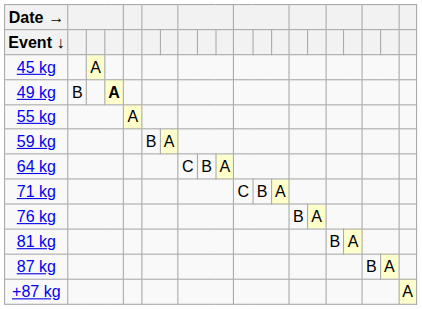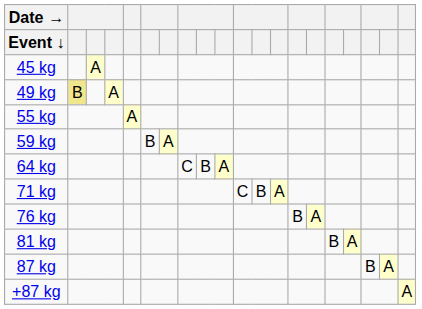 <table class="wikitable" style="text-align:center; font-size:92%">
 <tr>
 <th>Date →</th>
 <th colspan=3></th>
 <th></th>
 <th colspan=2></th>
 <th colspan=3></th>
 <th colspan=3></th>
 <th colspan=2></th>
 <th colspan=2></th>
 <th colspan=2></th>
 <th></th>
 </tr>
 <tr>
 <th>Event ↓</th>
 <th></th>
 <th></th>
 <th></th>
 <th></th>
 <th></th>
 <th></th>
 <th></th>
 <th></th>
 <th></th>
 <th></th>
 <th></th>
 <th></th>
 <th></th>
 <th></th>
 <th></th>
 <th></th>
 <th></th>
 <th></th>
 <th></th>
 </tr>
 <tr>
 <td><a href='#'>45 kg</a></td>
 <td></td>
 <td style="background-color:#ffffcc;">A</td>
 <td></td>
 <td></td>
 <td colspan=2></td>
 <td colspan=3></td>
 <td colspan=3></td>
 <td colspan=2></td>
 <td colspan=2></td>
 <td colspan=2></td>
 <td></td>
 </tr>
 <tr>
 <td><a href='#'>49 kg</a></td>
-<td>B</td>
+<td style="background: khaki;">B</td>
 <td></td>
-<td style="background-color:#ffffcc;"><strong>A</strong></td>
+<td style="background-color:#ffffcc;">A</td>
 <td></td>
 <td colspan=2></td>
 <td colspan=3></td>
 <td colspan=3></td>
 <td colspan=2></td>
 <td colspan=2></td>
 <td colspan=2></td>
 <td></td>
 </tr>
 <tr>
 <td><a href='#'>55 kg</a></td>
 <td colspan=3></td>
 <td style="background-color:#ffffcc;">A</td>
 <td colspan=2></td>
 <td colspan=3></td>
 <td colspan=3></td>
 <td colspan=2></td>
 <td colspan=2></td>
 <td colspan=2></td>
 <td></td>
 </tr>
 <tr>
 <td><a href='#'>59 kg</a></td>
 <td colspan=3></td>
 <td></td>
 <td>B</td>
 <td style="background-color:#ffffcc;">A</td>
 <td colspan=3></td>
 <td colspan=3></td>
 <td colspan=2></td>
 <td colspan=2></td>
 <td colspan=2></td>
 <td></td>
 </tr>
 <tr>
 <td><a href='#'>64 kg</a></td>
 <td colspan=3></td>
 <td></td>
 <td colspan=2></td>
 <td>C</td>
 <td>B</td>
 <td style="background-color:#ffffcc;">A</td>
 <td colspan=3></td>
 <td colspan=2></td>
 <td colspan=2></td>
 <td colspan=2></td>
 <td></td>
 </tr>
 <tr>
 <td><a href='#'>71 kg</a></td>
 <td colspan=3></td>
 <td></td>
 <td colspan=2></td>
 <td colspan=3></td>
 <td>C</td>
 <td>B</td>
 <td style="background-color:#ffffcc;">A</td>
 <td colspan=2></td>
 <td colspan=2></td>
 <td colspan=2></td>
 <td></td>
 </tr>
 <tr>
 <td><a href='#'>76 kg</a></td>
 <td colspan=3></td>
 <td></td>
 <td colspan=2></td>
 <td colspan=3></td>
 <td colspan=3></td>
 <td>B</td>
 <td style="background-color:#ffffcc;">A</td>
 <td colspan=2></td>
 <td colspan=2></td>
 <td></td>
 </tr>
 <tr>
 <td><a href='#'>81 kg</a></td>
 <td colspan=3></td>
 <td></td>
 <td colspan=2></td>
 <td colspan=3></td>
 <td colspan=3></td>
 <td colspan=2></td>
 <td>B</td>
 <td style="background-color:#ffffcc;">A</td>
 <td colspan=2></td>
 <td></td>
 </tr>
 <tr>
 <td><a href='#'>87 kg</a></td>
 <td colspan=3></td>
 <td></td>
 <td colspan=2></td>
 <td colspan=3></td>
 <td colspan=3></td>
 <td colspan=2></td>
 <td colspan=2></td>
 <td>B</td>
 <td style="background-color:#ffffcc;">A</td>
 <td></td>
 </tr>
 <tr>
 <td><a href='#'>+87 kg</a></td>
 <td colspan=3></td>
 <td></td>
 <td colspan=2></td>
 <td colspan=3></td>
 <td colspan=3></td>
 <td colspan=2></td>
 <td colspan=2></td>
 <td colspan=2></td>
 <td style="background-color:#ffffcc;">A</td>
 </tr>
 </table>
